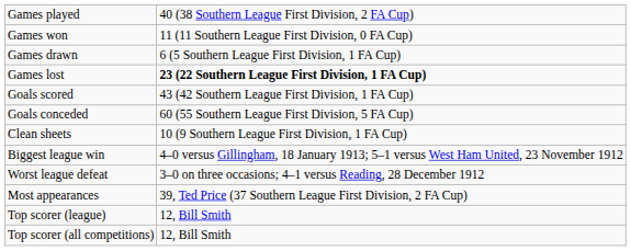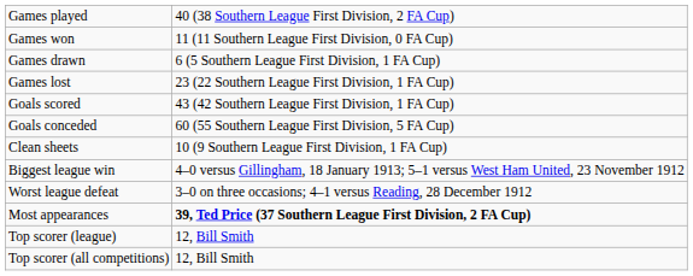 <table class="wikitable">
 <tr>
 <td>Games played</td>
 <td>40 (38 <a href='#'>Southern League</a> First Division, 2 <a href='#'>FA Cup</a>)</td>
 </tr>
 <tr>
 <td>Games won</td>
 <td>11 (11 Southern League First Division, 0 FA Cup)</td>
 </tr>
 <tr>
 <td>Games drawn</td>
 <td>6 (5 Southern League First Division, 1 FA Cup)</td>
 </tr>
 <tr>
 <td>Games lost</td>
-<td><strong>23 (22 Southern League First Division, 1 FA Cup)</strong></td>
+<td>23 (22 Southern League First Division, 1 FA Cup)</td>
 </tr>
 <tr>
 <td>Goals scored</td>
 <td>43 (42 Southern League First Division, 1 FA Cup)</td>
 </tr>
 <tr>
 <td>Goals conceded</td>
 <td>60 (55 Southern League First Division, 5 FA Cup)</td>
 </tr>
 <tr>
 <td>Clean sheets</td>
 <td>10 (9 Southern League First Division, 1 FA Cup)</td>
 </tr>
 <tr>
 <td>Biggest league win</td>
 <td>4–0 versus <a href='#'>Gillingham</a>, 18 January 1913; 5–1 versus <a href='#'>West Ham United</a>, 23 November 1912</td>
 </tr>
 <tr>
 <td>Worst league defeat</td>
 <td>3–0 on three occasions; 4–1 versus <a href='#'>Reading</a>, 28 December 1912</td>
 </tr>
 <tr>
 <td>Most appearances</td>
-<td>39, <a href='#'>Ted Price</a> (37 Southern League First Division, 2 FA Cup)</td>
+<td><strong>39, <a href='#'>Ted Price</a> (37 Southern League First Division, 2 FA Cup)</strong></td>
 </tr>
 <tr>
 <td>Top scorer (league)</td>
 <td>12, <a href='#'>Bill Smith</a></td>
 </tr>
 <tr>
 <td>Top scorer (all competitions)</td>
 <td>12, Bill Smith</td>
 </tr>
 </table>
